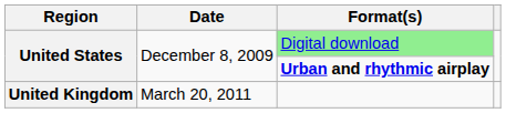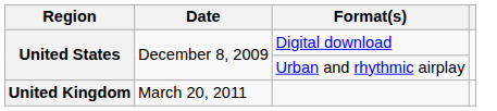 <table class="wikitable plainrowheaders">
 <tr>
 <th scope="col">Region</th>
 <th scope="col">Date</th>
 <th scope="col">Format(s)</th>
 <th scope="col"></th>
 </tr>
 <tr>
 <th scope="row" rowspan="2">United States</th>
 <td rowspan="2">December 8, 2009</td>
-<td style="background: lightgreen;"><a href='#'>Digital download</a></td>
+<td><a href='#'>Digital download</a></td>
 <td rowspan="2"></td>
 </tr>
 <tr>
-<td><strong><a href='#'>Urban</a> and <a href='#'>rhythmic</a> airplay</strong></td>
+<td><a href='#'>Urban</a> and <a href='#'>rhythmic</a> airplay</td>
 </tr>
 <tr>
 <th scope="row">United Kingdom</th>
 <td>March 20, 2011</td>
 <td></td>
 <td></td>
 </tr>
 </table>
